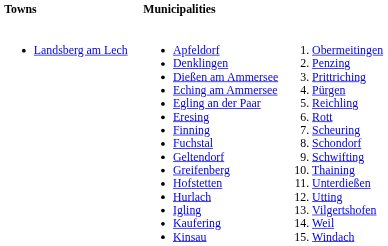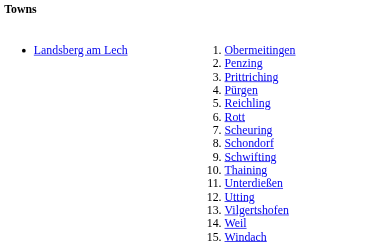 <table>
 <tr>
 <th align=left width=33%>Towns</th>
-<th align=left width=33%>Municipalities</th>
 <th align=left width=33%></th>
 </tr>
 <tr valign=top>
 <td><br><ul><li><a href='#'>Landsberg am Lech</a></li></ul></td>
-<td><br><ul><li><a href='#'>Apfeldorf</a></li><li><a href='#'>Denklingen</a></li><li><a href='#'>Dießen am Ammersee</a></li><li><a href='#'>Eching am Ammersee</a></li><li><a href='#'>Egling an der Paar</a></li><li><a href='#'>Eresing</a></li><li><a href='#'>Finning</a></li><li><a href='#'>Fuchstal</a></li><li><a href='#'>Geltendorf</a></li><li><a href='#'>Greifenberg</a></li><li><a href='#'>Hofstetten</a></li><li><a href='#'>Hurlach</a></li><li><a href='#'>Igling</a></li><li><a href='#'>Kaufering</a></li><li><a href='#'>Kinsau</a></li></ul></td>
 <td><br><ol> <li><a href='#'>Obermeitingen</a> <li><a href='#'>Penzing</a> <li><a href='#'>Prittriching</a> <li><a href='#'>Pürgen</a> <li><a href='#'>Reichling</a> <li><a href='#'>Rott</a> <li><a href='#'>Scheuring</a> <li><a href='#'>Schondorf</a> <li><a href='#'>Schwifting</a> <li><a href='#'>Thaining</a> <li><a href='#'>Unterdießen</a> <li><a href='#'>Utting</a> <li><a href='#'>Vilgertshofen</a> <li><a href='#'>Weil</a> <li><a href='#'>Windach</a> </ol></td>
 </tr>
 </table>
